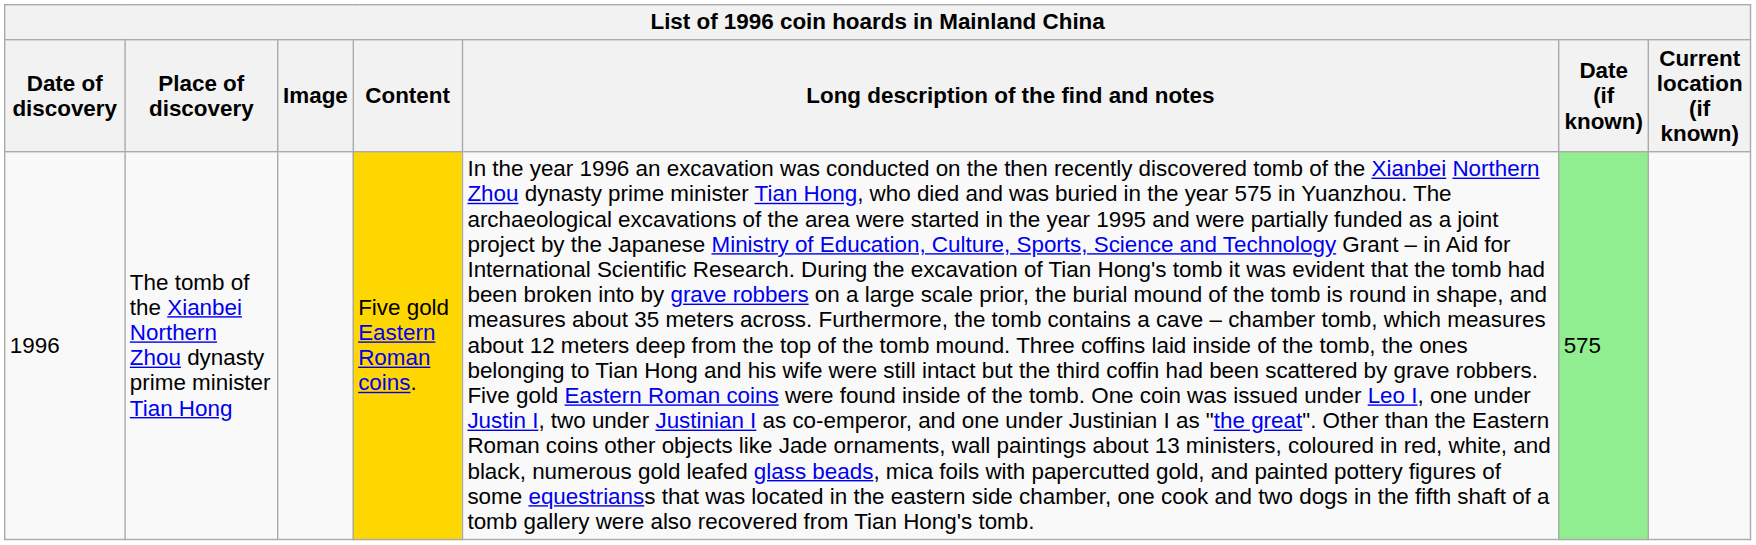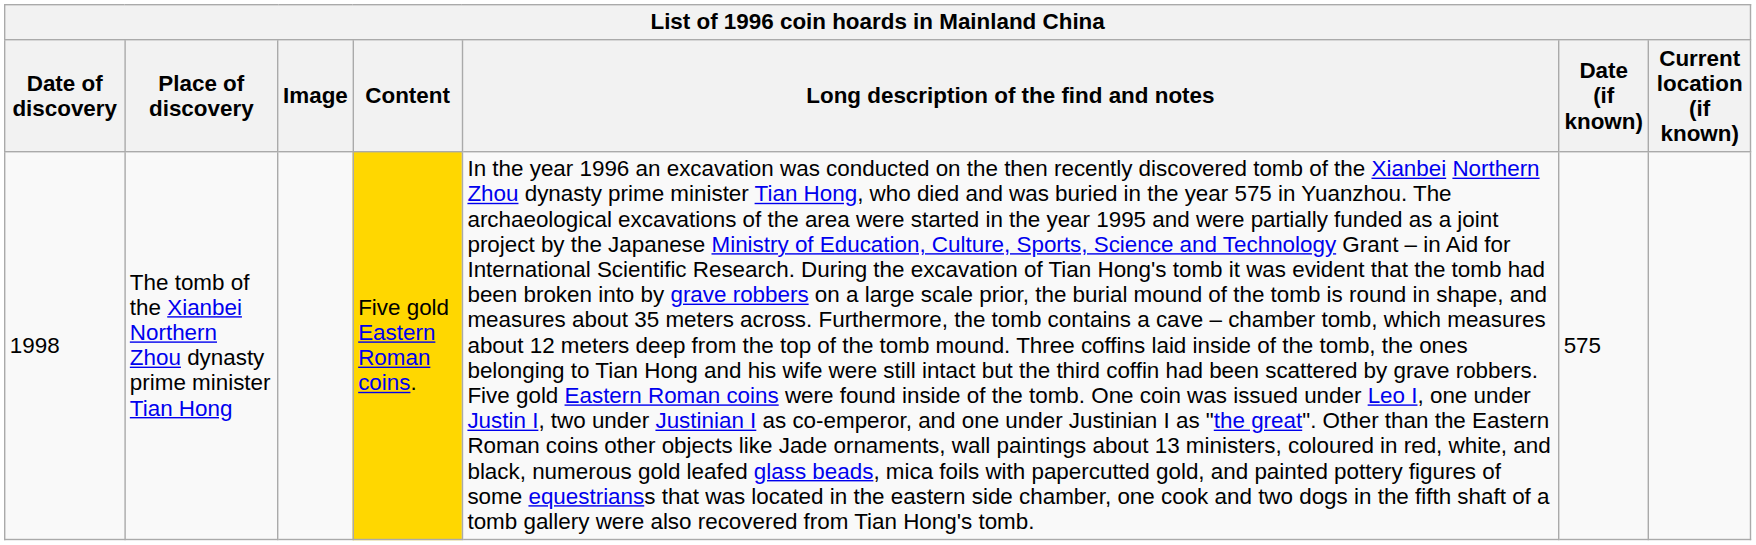 <table class="wikitable" style="font-size: 100%">
 <tr>
 <th colspan=7>List of 1996 coin hoards in Mainland China</th>
 </tr>
 <tr>
 <th>Date of discovery</th>
 <th>Place of discovery</th>
 <th>Image</th>
 <th>Content</th>
 <th>Long description of the find and notes</th>
 <th>Date<br>(if known)</th>
 <th>Current location<br>(if known)</th>
 </tr>
 <tr>
-<td>1996</td>
+<td>1998</td>
 <td>The tomb of the <a href='#'>Xianbei</a> <a href='#'>Northern Zhou</a> dynasty prime minister <a href='#'>Tian Hong</a></td>
 <td></td>
 <td style="background: gold;">Five gold <a href='#'>Eastern Roman coins</a>.</td>
 <td>In the year 1996 an excavation was conducted on the then recently discovered tomb of the <a href='#'>Xianbei</a> <a href='#'>Northern Zhou</a> dynasty prime minister <a href='#'>Tian Hong</a>, who died and was buried in the year 575 in Yuanzhou. The archaeological excavations of the area were started in the year 1995 and were partially funded as a joint project by the Japanese <a href='#'>Ministry of Education, Culture, Sports, Science and Technology</a> Grant – in Aid for International Scientific Research. During the excavation of Tian Hong's tomb it was evident that the tomb had been broken into by <a href='#'>grave robbers</a> on a large scale prior, the burial mound of the tomb is round in shape, and measures about 35 meters across. Furthermore, the tomb contains a cave – chamber tomb, which measures about 12 meters deep from the top of the tomb mound. Three coffins laid inside of the tomb, the ones belonging to Tian Hong and his wife were still intact but the third coffin had been scattered by grave robbers. Five gold <a href='#'>Eastern Roman coins</a> were found inside of the tomb. One coin was issued under <a href='#'>Leo I</a>, one under <a href='#'>Justin I</a>, two under <a href='#'>Justinian I</a> as co-emperor, and one under Justinian I as "<a href='#'>the great</a>". Other than the Eastern Roman coins other objects like Jade ornaments, wall paintings about 13 ministers, coloured in red, white, and black, numerous gold leafed <a href='#'>glass beads</a>, mica foils with papercutted gold, and painted pottery figures of some <a href='#'>equestrians</a>s that was located in the eastern side chamber, one cook and two dogs in the fifth shaft of a tomb gallery were also recovered from Tian Hong's tomb.</td>
-<td style="background: lightgreen;">575</td>
+<td>575</td>
 <td></td>
 </tr>
 </table>
